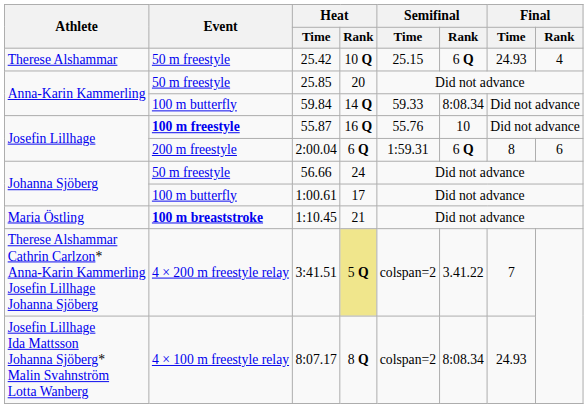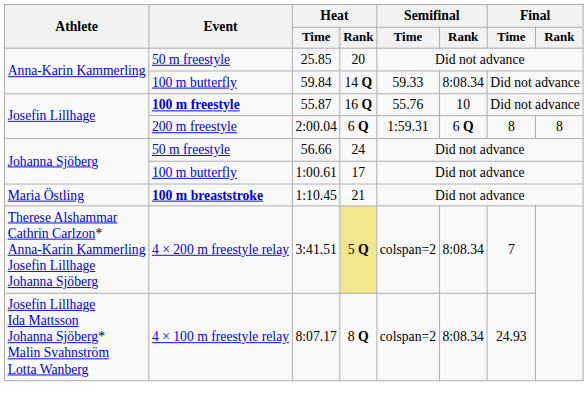 <table class=wikitable style="font-size:90%">
 <tr>
 <th rowspan="2">Athlete</th>
 <th rowspan="2">Event</th>
 <th colspan="2">Heat</th>
 <th colspan="2">Semifinal</th>
 <th colspan="2">Final</th>
 </tr>
 <tr style="font-size:95%">
 <th>Time</th>
 <th>Rank</th>
 <th>Time</th>
 <th>Rank</th>
 <th>Time</th>
 <th>Rank</th>
-</tr>
-<tr align=center>
-<td align=left><a href='#'>Therese Alshammar</a></td>
-<td align=left><a href='#'>50 m freestyle</a></td>
-<td>25.42</td>
-<td>10 <strong>Q</strong></td>
-<td>25.15</td>
-<td>6 <strong>Q</strong></td>
-<td>24.93</td>
-<td>4</td>
 </tr>
 <tr align=center>
 <td align=left rowspan=2><a href='#'>Anna-Karin Kammerling</a></td>
 <td align=left><a href='#'>50 m freestyle</a></td>
 <td>25.85</td>
 <td>20</td>
 <td colspan=4>Did not advance</td>
 </tr>
 <tr align=center>
 <td align=left><a href='#'>100 m butterfly</a></td>
 <td>59.84</td>
 <td>14 <strong>Q</strong></td>
 <td>59.33</td>
 <td>8:08.34</td>
 <td colspan=2>Did not advance</td>
 </tr>
 <tr align=center>
 <td align=left rowspan=2><a href='#'>Josefin Lillhage</a></td>
 <td align=left><strong><a href='#'>100 m freestyle</a></strong></td>
 <td>55.87</td>
 <td>16 <strong>Q</strong></td>
 <td>55.76</td>
 <td>10</td>
 <td colspan=2>Did not advance</td>
 </tr>
 <tr align=center>
 <td align=left><a href='#'>200 m freestyle</a></td>
 <td>2:00.04</td>
 <td>6 <strong>Q</strong></td>
 <td>1:59.31</td>
 <td>6 <strong>Q</strong></td>
 <td>8</td>
-<td>6</td>
+<td>8</td>
 </tr>
 <tr align=center>
 <td align=left rowspan=2><a href='#'>Johanna Sjöberg</a></td>
 <td align=left><a href='#'>50 m freestyle</a></td>
 <td>56.66</td>
 <td>24</td>
 <td colspan=4>Did not advance</td>
 </tr>
 <tr align=center>
 <td align=left><a href='#'>100 m butterfly</a></td>
 <td>1:00.61</td>
 <td>17</td>
 <td colspan=4>Did not advance</td>
 </tr>
 <tr align=center>
 <td align=left><a href='#'>Maria Östling</a></td>
 <td align=left><strong><a href='#'>100 m breaststroke</a></strong></td>
 <td>1:10.45</td>
 <td>21</td>
 <td colspan=4>Did not advance</td>
 </tr>
 <tr align=center>
 <td align=left><a href='#'>Therese Alshammar</a><br><a href='#'>Cathrin Carlzon</a>*<br><a href='#'>Anna-Karin Kammerling</a><br><a href='#'>Josefin Lillhage</a><br><a href='#'>Johanna Sjöberg</a></td>
 <td align=left><a href='#'>4 × 200 m freestyle relay</a></td>
 <td>3:41.51</td>
 <td style="background: khaki;">5 <strong>Q</strong></td>
 <td>colspan=2 </td>
-<td>3.41.22</td>
+<td>8:08.34</td>
 <td>7</td>
 </tr>
 <tr align=center>
 <td align=left><a href='#'>Josefin Lillhage</a><br><a href='#'>Ida Mattsson</a><br><a href='#'>Johanna Sjöberg</a>*<br><a href='#'>Malin Svahnström</a><br><a href='#'>Lotta Wanberg</a></td>
 <td align=left><a href='#'>4 × 100 m freestyle relay</a></td>
 <td>8:07.17</td>
 <td>8 <strong>Q</strong></td>
 <td>colspan=2 </td>
 <td>8:08.34</td>
 <td>24.93</td>
 </tr>
 </table>
